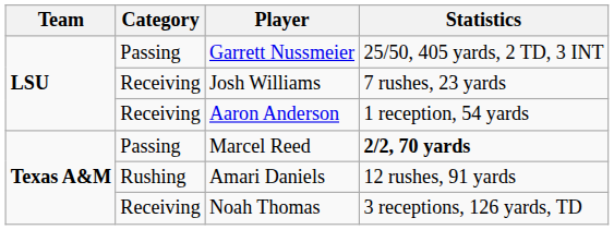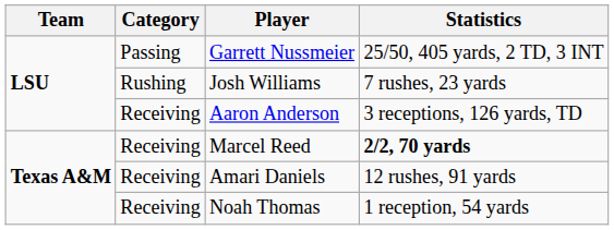 <table class="wikitable" style="float: right;">
 <tr>
 <th>Team</th>
 <th>Category</th>
 <th>Player</th>
 <th>Statistics</th>
 </tr>
 <tr>
 <td rowspan=3><strong>LSU</strong></td>
 <td>Passing</td>
 <td><a href='#'>Garrett Nussmeier</a></td>
 <td>25/50, 405 yards, 2 TD, 3 INT</td>
 </tr>
 <tr>
-<td>Receiving</td>
+<td>Rushing</td>
 <td>Josh Williams</td>
 <td>7 rushes, 23 yards</td>
 </tr>
 <tr>
 <td>Receiving</td>
 <td><a href='#'>Aaron Anderson</a></td>
-<td>1 reception, 54 yards</td>
+<td>3 receptions, 126 yards, TD</td>
 </tr>
 <tr>
 <td rowspan=3><strong>Texas A&M</strong></td>
-<td>Passing</td>
+<td>Receiving</td>
 <td>Marcel Reed</td>
 <td><strong>2/2, 70 yards</strong></td>
 </tr>
 <tr>
-<td>Rushing</td>
+<td>Receiving</td>
 <td>Amari Daniels</td>
 <td>12 rushes, 91 yards</td>
 </tr>
 <tr>
 <td>Receiving</td>
 <td>Noah Thomas</td>
-<td>3 receptions, 126 yards, TD</td>
+<td>1 reception, 54 yards</td>
 </tr>
 </table>
